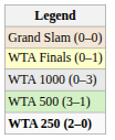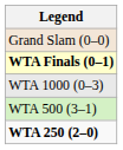 <table class="wikitable"  style=font-size:90%>
 <tr>
 <th>Legend</th>
 </tr>
 <tr>
 <td bgcolor=f3e6d7>Grand Slam (0–0)</td>
 </tr>
 <tr>
-<td bgcolor=ffffcc>WTA Finals (0–1)</td>
+<td bgcolor=ffffcc><strong>WTA Finals (0–1)</strong></td>
 </tr>
 <tr>
 <td bgcolor=e9e9e9>WTA 1000 (0–3)</td>
 </tr>
 <tr>
 <td bgcolor=d4f1c5>WTA 500 (3–1)</td>
 </tr>
 <tr>
 <td><strong>WTA 250 (2–0)</strong></td>
 </tr>
 </table>
